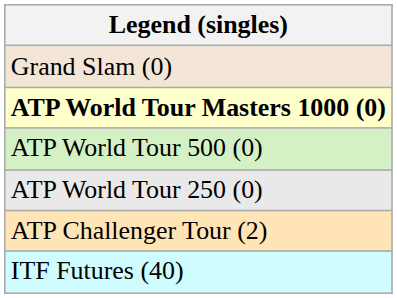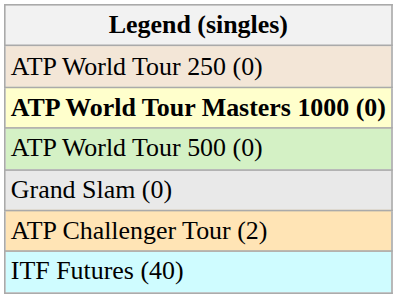 <table class="wikitable">
 <tr>
 <th>Legend (singles)</th>
 </tr>
 <tr style="background:#f3e6d7;">
-<td>Grand Slam (0)</td>
+<td>ATP World Tour 250 (0)</td>
 </tr>
 <tr style="background:#ffc;">
 <td><strong>ATP World Tour Masters 1000 (0)</strong></td>
 </tr>
 <tr style="background:#d4f1c5;">
 <td>ATP World Tour 500 (0)</td>
 </tr>
 <tr style="background:#e9e9e9;">
-<td>ATP World Tour 250 (0)</td>
+<td>Grand Slam (0)</td>
 </tr>
 <tr bgcolor="moccasin">
 <td>ATP Challenger Tour (2)</td>
 </tr>
 <tr bgcolor="CFFCFF">
 <td>ITF Futures (40)</td>
 </tr>
 </table>
